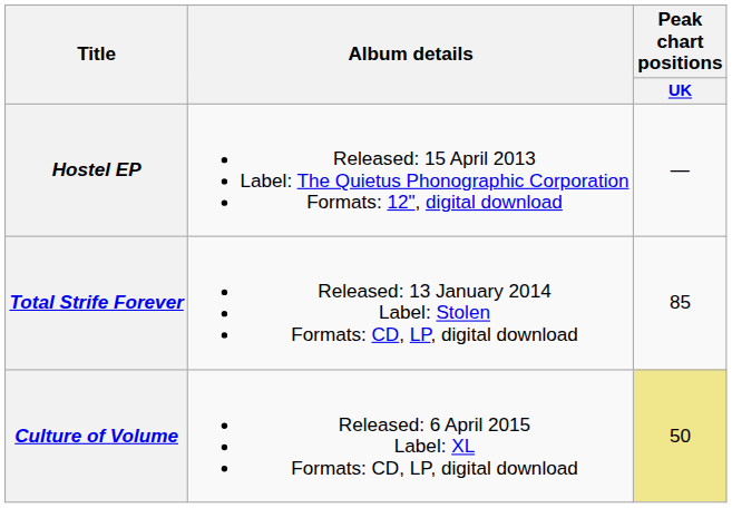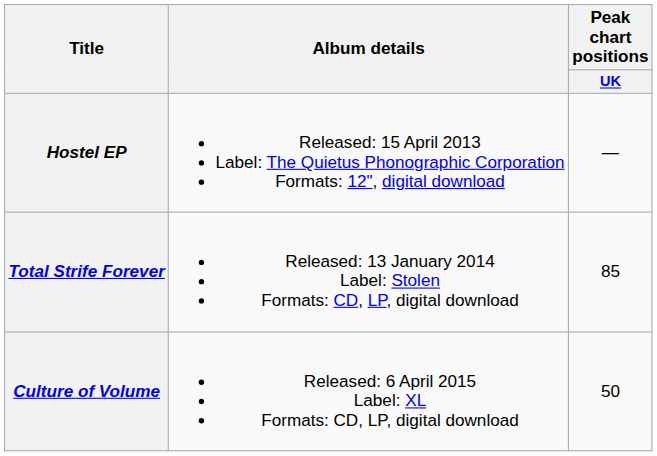 <table class="wikitable plainrowheaders" style="text-align:center">
 <tr>
 <th rowspan="2">Title</th>
 <th rowspan="2">Album details</th>
 <th colspan="1">Peak chart positions</th>
 </tr>
 <tr>
 <th style="width:4em;font-size:85%"><a href='#'>UK</a><br></th>
 </tr>
 <tr>
 <th scope="row"><em>Hostel EP</em></th>
 <td><br><ul><li>Released: 15 April 2013</li><li>Label: <a href='#'>The Quietus Phonographic Corporation</a></li><li>Formats: <a href='#'>12"</a>, <a href='#'>digital download</a></li></ul></td>
 <td>—</td>
 </tr>
 <tr>
 <th scope="row"><em><a href='#'>Total Strife Forever</a></em></th>
 <td><br><ul><li>Released: 13 January 2014</li><li>Label: <a href='#'>Stolen</a></li><li>Formats: <a href='#'>CD</a>, <a href='#'>LP</a>, digital download</li></ul></td>
 <td>85</td>
 </tr>
 <tr>
 <th scope="row"><em><a href='#'>Culture of Volume</a></em></th>
 <td><br><ul><li>Released: 6 April 2015</li><li>Label: <a href='#'>XL</a></li><li>Formats: CD, LP, digital download</li></ul></td>
-<td style="background: khaki;">50</td>
+<td>50</td>
 </tr>
 </table>
